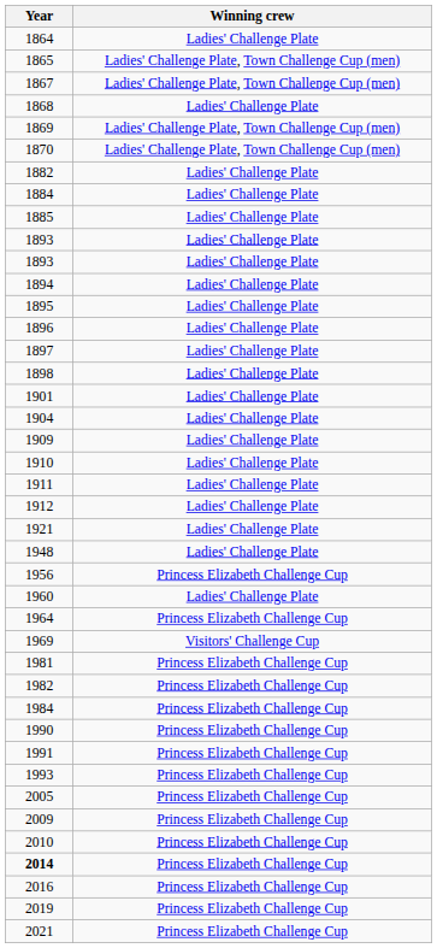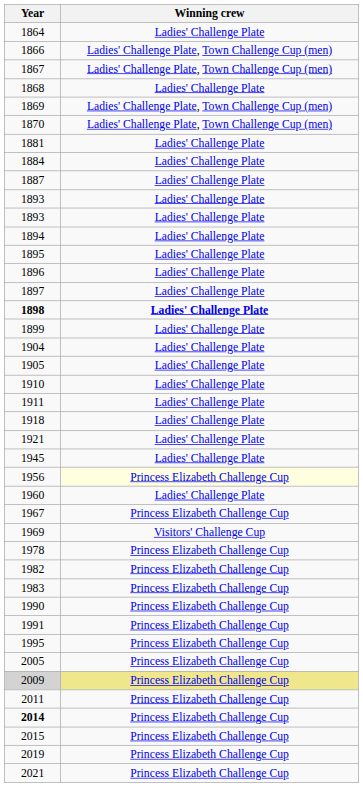 <table class="wikitable" style="text-align:center">
 <tr>
 <th width=70>Year</th>
 <th width=400>Winning crew</th>
 </tr>
 <tr>
 <td>1864</td>
 <td><a href='#'>Ladies' Challenge Plate</a></td>
 </tr>
 <tr>
-<td>1865</td>
+<td>1866</td>
 <td><a href='#'>Ladies' Challenge Plate</a>, <a href='#'>Town Challenge Cup (men)</a></td>
 </tr>
 <tr>
 <td>1867</td>
 <td><a href='#'>Ladies' Challenge Plate</a>, <a href='#'>Town Challenge Cup (men)</a></td>
 </tr>
 <tr>
 <td>1868</td>
 <td><a href='#'>Ladies' Challenge Plate</a></td>
 </tr>
 <tr>
 <td>1869</td>
 <td><a href='#'>Ladies' Challenge Plate</a>, <a href='#'>Town Challenge Cup (men)</a></td>
 </tr>
 <tr>
 <td>1870</td>
 <td><a href='#'>Ladies' Challenge Plate</a>, <a href='#'>Town Challenge Cup (men)</a></td>
 </tr>
 <tr>
-<td>1882</td>
+<td>1881</td>
 <td><a href='#'>Ladies' Challenge Plate</a></td>
 </tr>
 <tr>
 <td>1884</td>
 <td><a href='#'>Ladies' Challenge Plate</a></td>
 </tr>
 <tr>
-<td>1885</td>
+<td>1887</td>
 <td><a href='#'>Ladies' Challenge Plate</a></td>
 </tr>
 <tr>
 <td>1893</td>
 <td><a href='#'>Ladies' Challenge Plate</a></td>
 </tr>
 <tr>
 <td>1893</td>
 <td><a href='#'>Ladies' Challenge Plate</a></td>
 </tr>
 <tr>
 <td>1894</td>
 <td><a href='#'>Ladies' Challenge Plate</a></td>
 </tr>
 <tr>
 <td>1895</td>
 <td><a href='#'>Ladies' Challenge Plate</a></td>
 </tr>
 <tr>
 <td>1896</td>
 <td><a href='#'>Ladies' Challenge Plate</a></td>
 </tr>
 <tr>
 <td>1897</td>
 <td><a href='#'>Ladies' Challenge Plate</a></td>
 </tr>
 <tr>
-<td>1898</td>
-<td><a href='#'>Ladies' Challenge Plate</a></td>
+<td><strong>1898</strong></td>
+<td><strong><a href='#'>Ladies' Challenge Plate</a></strong></td>
 </tr>
 <tr>
-<td>1901</td>
+<td>1899</td>
 <td><a href='#'>Ladies' Challenge Plate</a></td>
 </tr>
 <tr>
 <td>1904</td>
 <td><a href='#'>Ladies' Challenge Plate</a></td>
 </tr>
 <tr>
-<td>1909</td>
+<td>1905</td>
 <td><a href='#'>Ladies' Challenge Plate</a></td>
 </tr>
 <tr>
 <td>1910</td>
 <td><a href='#'>Ladies' Challenge Plate</a></td>
 </tr>
 <tr>
 <td>1911</td>
 <td><a href='#'>Ladies' Challenge Plate</a></td>
 </tr>
 <tr>
-<td>1912</td>
+<td>1918</td>
 <td><a href='#'>Ladies' Challenge Plate</a></td>
 </tr>
 <tr>
 <td>1921</td>
 <td><a href='#'>Ladies' Challenge Plate</a></td>
 </tr>
 <tr>
-<td>1948</td>
+<td>1945</td>
 <td><a href='#'>Ladies' Challenge Plate</a></td>
 </tr>
 <tr>
 <td>1956</td>
-<td><a href='#'>Princess Elizabeth Challenge Cup</a></td>
+<td style="background: lightyellow;"><a href='#'>Princess Elizabeth Challenge Cup</a></td>
 </tr>
 <tr>
 <td>1960</td>
 <td><a href='#'>Ladies' Challenge Plate</a></td>
 </tr>
 <tr>
-<td>1964</td>
+<td>1967</td>
 <td><a href='#'>Princess Elizabeth Challenge Cup</a></td>
 </tr>
 <tr>
 <td>1969</td>
 <td><a href='#'>Visitors' Challenge Cup</a></td>
 </tr>
 <tr>
-<td>1981</td>
+<td>1978</td>
 <td><a href='#'>Princess Elizabeth Challenge Cup</a></td>
 </tr>
 <tr>
 <td>1982</td>
 <td><a href='#'>Princess Elizabeth Challenge Cup</a></td>
 </tr>
 <tr>
-<td>1984</td>
+<td>1983</td>
 <td><a href='#'>Princess Elizabeth Challenge Cup</a></td>
 </tr>
 <tr>
 <td>1990</td>
 <td><a href='#'>Princess Elizabeth Challenge Cup</a></td>
 </tr>
 <tr>
 <td>1991</td>
 <td><a href='#'>Princess Elizabeth Challenge Cup</a></td>
 </tr>
 <tr>
-<td>1993</td>
+<td>1995</td>
 <td><a href='#'>Princess Elizabeth Challenge Cup</a></td>
 </tr>
 <tr>
 <td>2005</td>
 <td><a href='#'>Princess Elizabeth Challenge Cup</a></td>
 </tr>
 <tr>
-<td>2009</td>
-<td><a href='#'>Princess Elizabeth Challenge Cup</a></td>
+<td style="background: lightgrey;">2009</td>
+<td style="background: khaki;"><a href='#'>Princess Elizabeth Challenge Cup</a></td>
 </tr>
 <tr>
-<td>2010</td>
+<td>2011</td>
 <td><a href='#'>Princess Elizabeth Challenge Cup</a></td>
 </tr>
 <tr>
 <td><strong>2014</strong></td>
 <td><a href='#'>Princess Elizabeth Challenge Cup</a></td>
 </tr>
 <tr>
-<td>2016</td>
+<td>2015</td>
 <td><a href='#'>Princess Elizabeth Challenge Cup</a></td>
 </tr>
 <tr>
 <td>2019</td>
 <td><a href='#'>Princess Elizabeth Challenge Cup</a></td>
 </tr>
 <tr>
 <td>2021</td>
 <td><a href='#'>Princess Elizabeth Challenge Cup</a></td>
 </tr>
 </table>
